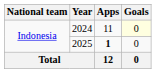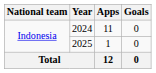 <table class="wikitable" style="text-align:center">
 <tr>
 <th>National team</th>
 <th>Year</th>
 <th>Apps</th>
 <th>Goals</th>
 </tr>
 <tr>
 <td rowspan="2"><a href='#'>Indonesia</a></td>
 <td>2024</td>
 <td>11</td>
-<td style="background: lightyellow;">0</td>
+<td>0</td>
 </tr>
 <tr>
 <td>2025</td>
-<td><strong>1</strong></td>
+<td>1</td>
 <td>0</td>
 </tr>
 <tr>
 <th colspan="2">Total</th>
 <th>12</th>
 <th>0</th>
 </tr>
 </table>
